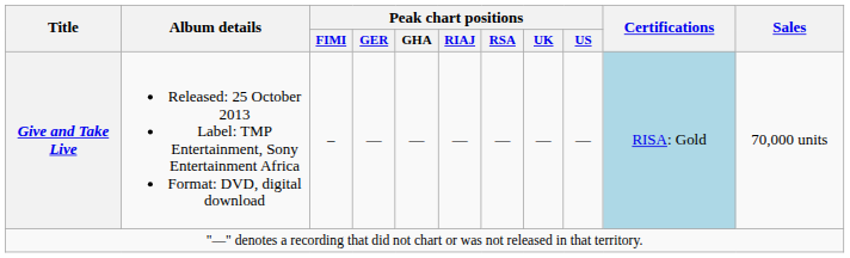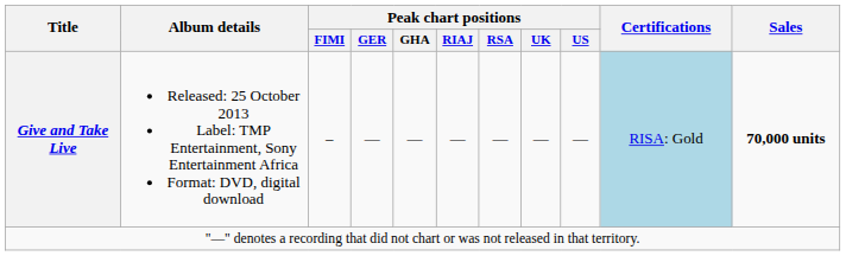 <table class="wikitable" style="text-align:center;">
 <tr>
 <th scope="col" rowspan="2" style="width:9em;">Title</th>
 <th scope="col" rowspan="2" style="width:13em;">Album details</th>
 <th scope="col" colspan="7">Peak chart positions</th>
 <th scope="col" rowspan="2" style="width:9em;"><a href='#'>Certifications</a></th>
 <th scope="col" rowspan="2" style="width:8em;"><a href='#'>Sales</a></th>
 </tr>
 <tr>
 <th scope="col" style="width:3em;font-size:85%;"><a href='#'>FIMI</a></th>
 <th scope="col" style="width:3em;font-size:85%;"><a href='#'>GER</a></th>
 <th scope="col" style="width:3em;font-size:85%;">GHA</th>
 <th scope="col" style="width:3em;font-size:85%;"><a href='#'>RIAJ</a></th>
 <th scope="col" style="width:3em;font-size:85%;"><a href='#'>RSA</a></th>
 <th scope="col" style="width:3em;font-size:85%;"><a href='#'>UK</a></th>
 <th scope="col" style="width:3em;font-size:85%;"><a href='#'>US</a></th>
 </tr>
 <tr>
 <th scope="row"><em><a href='#'>Give and Take Live</a></em></th>
 <td><br><ul><li>Released: 25 October 2013</li><li>Label: TMP Entertainment, Sony Entertainment Africa</li><li>Format: DVD, digital download</li></ul></td>
 <td>–</td>
 <td>—</td>
 <td>—</td>
 <td>—</td>
 <td>—</td>
 <td>—</td>
 <td>—</td>
 <td style="background: lightblue;"><a href='#'>RISA</a>: Gold</td>
-<td>70,000 units</td>
+<td><strong>70,000 units</strong></td>
 </tr>
 <tr>
 <td colspan="15" style="font-size:90%">"—" denotes a recording that did not chart or was not released in that territory.</td>
 </tr>
 </table>
